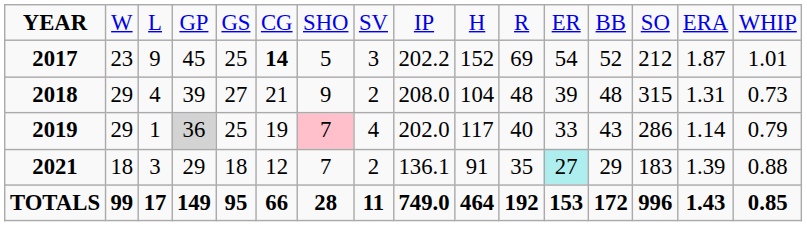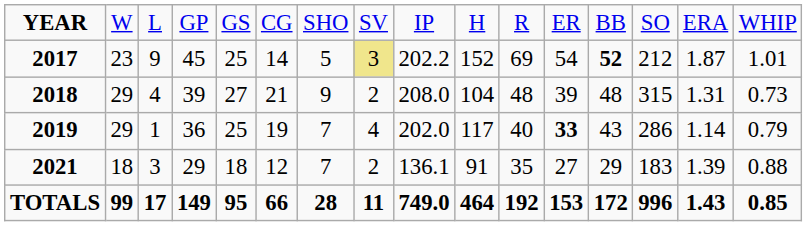 <table class="wikitable">
 <tr align=center>
 <td><strong>YEAR</strong></td>
 <td><a href='#'>W</a></td>
 <td><a href='#'>L</a></td>
 <td><a href='#'>GP</a></td>
 <td><a href='#'>GS</a></td>
 <td><a href='#'>CG</a></td>
 <td><a href='#'>SHO</a></td>
 <td><a href='#'>SV</a></td>
 <td><a href='#'>IP</a></td>
 <td><a href='#'>H</a></td>
 <td><a href='#'>R</a></td>
 <td><a href='#'>ER</a></td>
 <td><a href='#'>BB</a></td>
 <td><a href='#'>SO</a></td>
 <td><a href='#'>ERA</a></td>
 <td><a href='#'>WHIP</a></td>
 </tr>
 <tr align=center>
 <td><strong>2017</strong></td>
 <td>23</td>
 <td>9</td>
 <td>45</td>
 <td>25</td>
-<td><strong>14</strong></td>
+<td>14</td>
 <td>5</td>
-<td>3</td>
+<td style="background: khaki;">3</td>
 <td>202.2</td>
 <td>152</td>
 <td>69</td>
 <td>54</td>
-<td>52</td>
+<td><strong>52</strong></td>
 <td>212</td>
 <td>1.87</td>
 <td>1.01</td>
 </tr>
 <tr align=center>
 <td><strong>2018</strong></td>
 <td>29</td>
 <td>4</td>
 <td>39</td>
 <td>27</td>
 <td>21</td>
 <td>9</td>
 <td>2</td>
 <td>208.0</td>
 <td>104</td>
 <td>48</td>
 <td>39</td>
 <td>48</td>
 <td>315</td>
 <td>1.31</td>
 <td>0.73</td>
 </tr>
 <tr align=center>
 <td><strong>2019</strong></td>
 <td>29</td>
 <td>1</td>
-<td style="background: lightgrey;">36</td>
+<td>36</td>
 <td>25</td>
 <td>19</td>
-<td style="background: pink;">7</td>
+<td>7</td>
 <td>4</td>
 <td>202.0</td>
 <td>117</td>
 <td>40</td>
-<td>33</td>
+<td><strong>33</strong></td>
 <td>43</td>
 <td>286</td>
 <td>1.14</td>
 <td>0.79</td>
 </tr>
 <tr align=center>
 <td><strong>2021</strong></td>
 <td>18</td>
 <td>3</td>
 <td>29</td>
 <td>18</td>
 <td>12</td>
 <td>7</td>
 <td>2</td>
 <td>136.1</td>
 <td>91</td>
 <td>35</td>
-<td style="background: paleturquoise;">27</td>
+<td>27</td>
 <td>29</td>
 <td>183</td>
 <td>1.39</td>
 <td>0.88</td>
 </tr>
 <tr align=center>
 <td><strong>TOTALS</strong></td>
 <td><strong>99</strong></td>
 <td><strong>17</strong></td>
 <td><strong>149</strong></td>
 <td><strong>95</strong></td>
 <td><strong>66</strong></td>
 <td><strong>28</strong></td>
 <td><strong>11</strong></td>
 <td><strong>749.0</strong></td>
 <td><strong>464</strong></td>
 <td><strong>192</strong></td>
 <td><strong>153</strong></td>
 <td><strong>172</strong></td>
 <td><strong>996</strong></td>
 <td><strong>1.43</strong></td>
 <td><strong>0.85</strong></td>
 </tr>
 </table>
